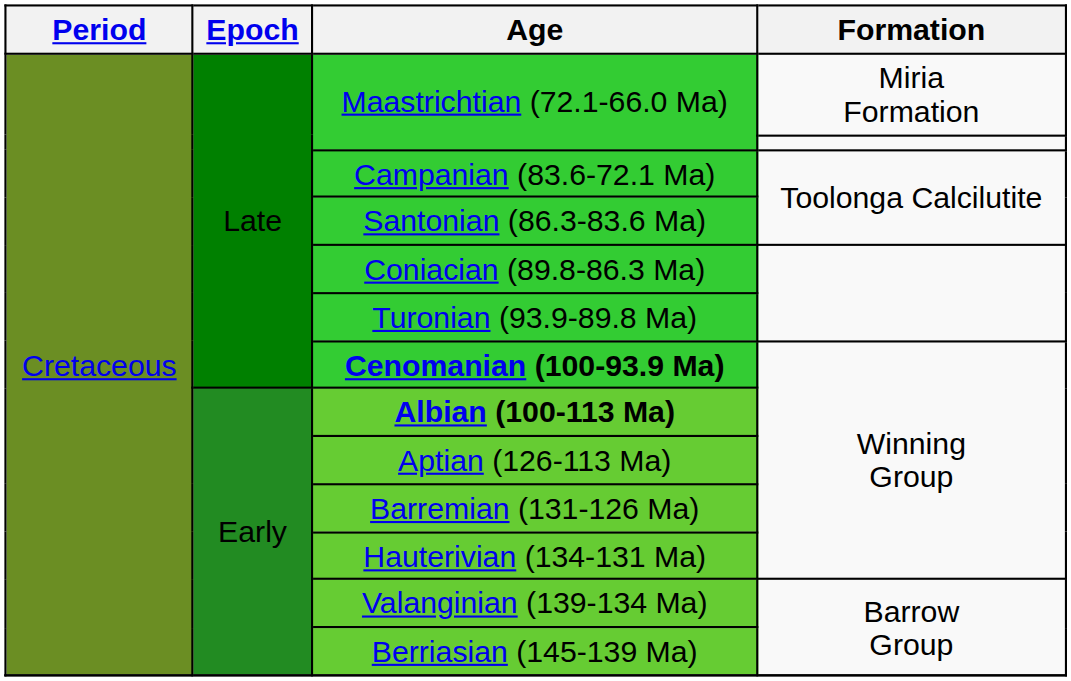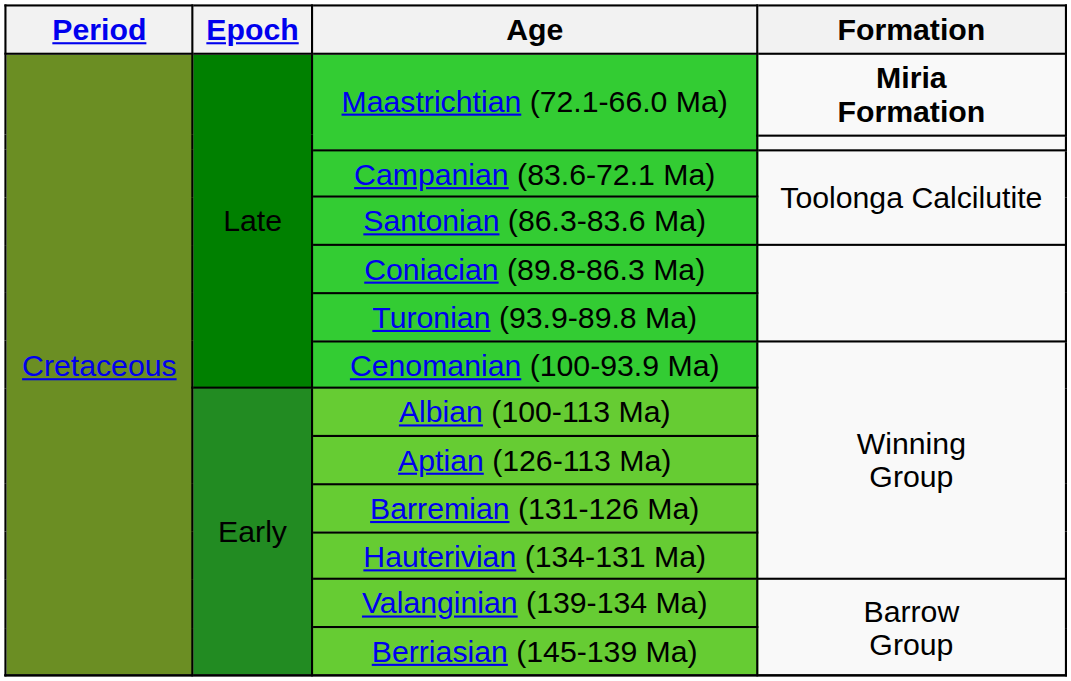 <table class="wikitable" align="right" style="width:40%; text-align:center; font-size:90%; border:1.5px solid black">
 <tr>
 <th style="border:1.5px solid black" align="center"><a href='#'>Period</a></th>
 <th style="border:1.5px solid black" align="center"><a href='#'>Epoch</a></th>
 <th style="border:1.5px solid black" align="center">Age</th>
 <th style="border:1.5px solid black" align="center">Formation</th>
 </tr>
 <tr>
 <td style="background:#6B8E23; color:black; border:1.5px solid black" rowspan="13"><a href='#'>Cretaceous</a></td>
 <td style="background:#008000; color:black; border:1.5px solid black" rowspan="7">Late</td>
 <td style="background:#3C3; color:black; border:1.5px solid black" rowspan="2"><a href='#'>Maastrichtian</a> (72.1-66.0 Ma)</td>
-<td style="border:1.5px solid black">Miria<br>Formation</td>
+<td style="border:1.5px solid black"><strong>Miria<br>Formation</strong></td>
 </tr>
 <tr>
 <td style="border:1.5px solid black"></td>
 </tr>
 <tr>
 <td style="background:#3C3; color:black; border:1.5px solid black"><a href='#'>Campanian</a> (83.6-72.1 Ma)</td>
 <td style="border:1.5px solid black" rowspan="2">Toolonga Calcilutite</td>
 </tr>
 <tr>
 <td style="background:#3C3; color:black; border:1.5px solid black"><a href='#'>Santonian</a> (86.3-83.6 Ma)</td>
 </tr>
 <tr>
 <td style="background:#3C3; color:black; border:1.5px solid black"><a href='#'>Coniacian</a> (89.8-86.3 Ma)</td>
 <td style="border:1.5px solid black" rowspan="2"></td>
 </tr>
 <tr>
 <td style="background:#3C3; color:black; border:1.5px solid black"><a href='#'>Turonian</a> (93.9-89.8 Ma)</td>
 </tr>
 <tr>
-<td style="background:#3C3; color:black; border:1.5px solid black"><strong><a href='#'>Cenomanian</a> (100-93.9 Ma)</strong></td>
+<td style="background:#3C3; color:black; border:1.5px solid black"><a href='#'>Cenomanian</a> (100-93.9 Ma)</td>
 <td style="border:1.5px solid black" rowspan="5">Winning<br>Group</td>
 </tr>
 <tr>
 <td style="background:#228B22; color:black; border:1.5px solid black" rowspan="6">Early</td>
-<td style="background:#6C3; color:black; border:1.5px solid black"><strong><a href='#'>Albian</a> (100-113 Ma)</strong></td>
+<td style="background:#6C3; color:black; border:1.5px solid black"><a href='#'>Albian</a> (100-113 Ma)</td>
 </tr>
 <tr>
 <td style="background:#6C3; color:black; border:1.5px solid black"><a href='#'>Aptian</a> (126-113 Ma)</td>
 </tr>
 <tr>
 <td style="background:#6C3; color:black; border:1.5px solid black"><a href='#'>Barremian</a> (131-126 Ma)</td>
 </tr>
 <tr>
 <td style="background:#6C3; color:black; border:1.5px solid black"><a href='#'>Hauterivian</a> (134-131 Ma)</td>
 </tr>
 <tr>
 <td style="background:#6C3; color:black; border:1.5px solid black"><a href='#'>Valanginian</a> (139-134 Ma)</td>
 <td style="border:1.5px solid black" rowspan="2">Barrow<br>Group</td>
 </tr>
 <tr>
 <td style="background:#6C3; color:black; border:1.5px solid black"><a href='#'>Berriasian</a> (145-139 Ma)</td>
 </tr>
 <tr>
 </tr>
 </table>
